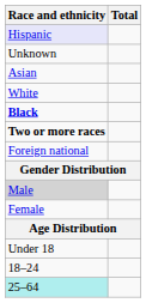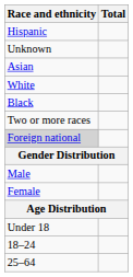 <table class="wikitable floatright sortable collapsible"; text-align:right; font-size:80%;">
 <tr>
 <th>Race and ethnicity</th>
 <th colspan="2" data-sort-type=number>Total</th>
 </tr>
 <tr>
-<td style="background: lavender;"><a href='#'>Hispanic</a></td>
+<td><a href='#'>Hispanic</a></td>
 <td align=right></td>
 </tr>
 <tr>
 <td>Unknown</td>
 <td align=right></td>
 </tr>
 <tr>
 <td><a href='#'>Asian</a></td>
 <td align=right></td>
 </tr>
 <tr>
 <td><a href='#'>White</a></td>
 <td align=right></td>
 </tr>
 <tr>
-<td><strong><a href='#'>Black</a></strong></td>
+<td><a href='#'>Black</a></td>
 <td align=right></td>
 </tr>
 <tr>
-<td><strong>Two or more races</strong></td>
+<td>Two or more races</td>
 <td align=right></td>
 </tr>
 <tr>
-<td><a href='#'>Foreign national</a></td>
+<td style="background: lightgrey;"><a href='#'>Foreign national</a></td>
 <td align=right></td>
 </tr>
 <tr>
 <th colspan="4" data-sort-type=number>Gender Distribution</th>
 </tr>
 <tr>
-<td style="background: lightgrey;"><a href='#'>Male</a></td>
+<td><a href='#'>Male</a></td>
 <td align=right></td>
 </tr>
 <tr>
 <td><a href='#'>Female</a></td>
 <td align=right></td>
 </tr>
 <tr>
 <th colspan="4" data-sort-type=number>Age Distribution</th>
 </tr>
 <tr>
 <td>Under 18</td>
 <td align=right></td>
 </tr>
 <tr>
 <td>18–24</td>
 <td align=right></td>
 </tr>
 <tr>
-<td style="background: paleturquoise;">25–64</td>
+<td>25–64</td>
 <td align=right></td>
 </tr>
 </table>
